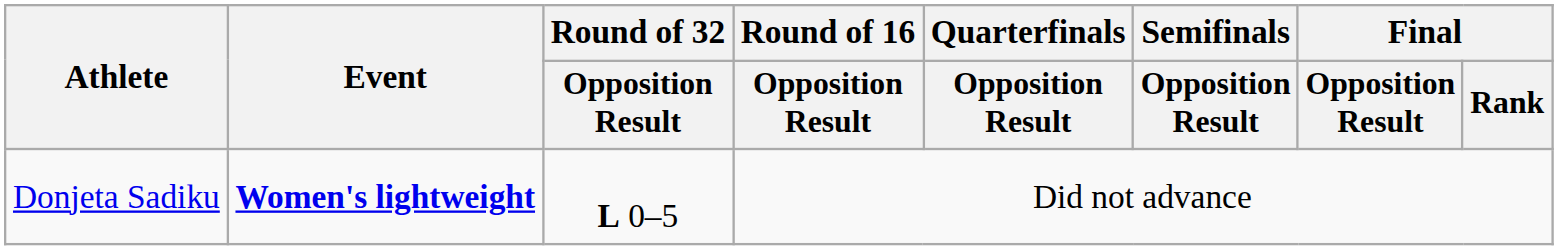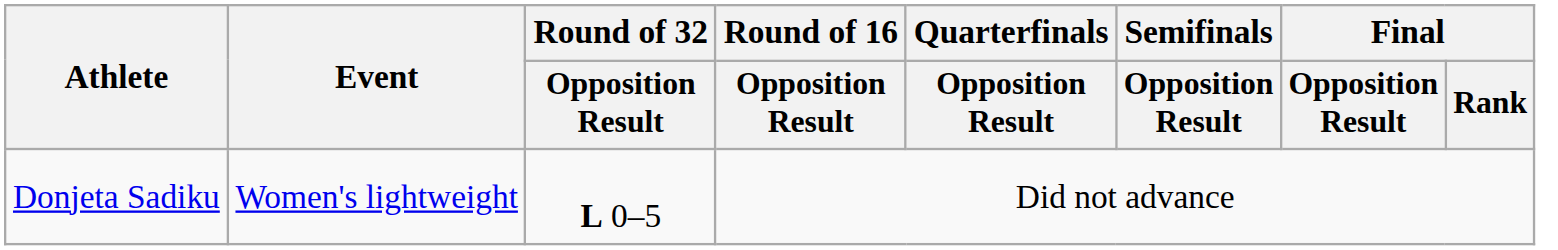 <table class="wikitable" style="font-size:90%">
 <tr>
 <th rowspan="2">Athlete</th>
 <th rowspan="2">Event</th>
 <th>Round of 32</th>
 <th>Round of 16</th>
 <th>Quarterfinals</th>
 <th>Semifinals</th>
 <th colspan=2>Final</th>
 </tr>
 <tr style="font-size:95%">
 <th>Opposition<br>Result</th>
 <th>Opposition<br>Result</th>
 <th>Opposition<br>Result</th>
 <th>Opposition<br>Result</th>
 <th>Opposition<br>Result</th>
 <th>Rank</th>
 </tr>
 <tr align=center>
 <td align=left><a href='#'>Donjeta Sadiku</a></td>
-<td align=left><strong><a href='#'>Women's lightweight</a></strong></td>
+<td align=left><a href='#'>Women's lightweight</a></td>
 <td><br><strong>L</strong> 0–5</td>
 <td colspan=5>Did not advance</td>
 </tr>
 </table>
